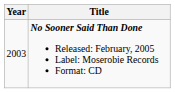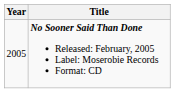 <table class="wikitable">
 <tr>
 <th>Year</th>
 <th style="width:225px;">Title</th>
 </tr>
 <tr>
-<td>2003</td>
+<td>2005</td>
 <td><strong><em>No Sooner Said Than Done</em></strong><br><ul><li>Released: February, 2005</li><li>Label: Moserobie Records </li><li>Format: CD</li></ul></td>
 </tr>
 </table>
